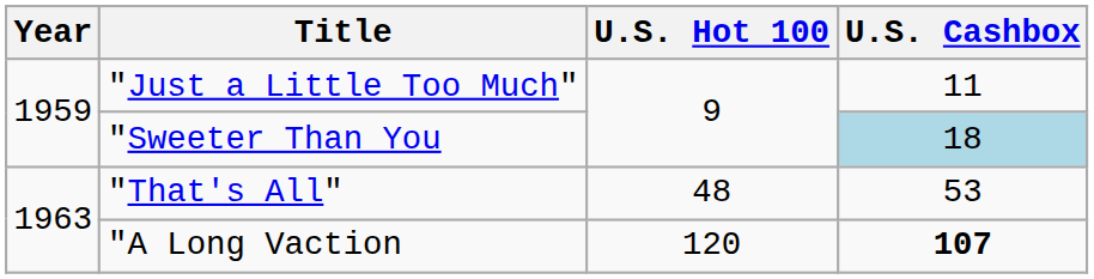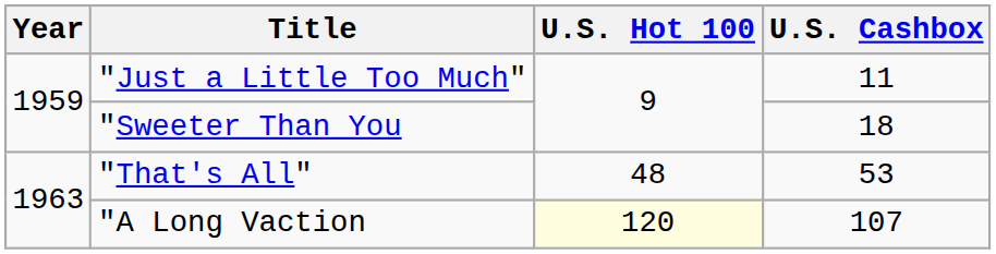 <table class="wikitable">
 <tr>
 <th>Year</th>
 <th>Title</th>
 <th>U.S. <a href='#'>Hot 100</a></th>
 <th>U.S. <a href='#'>Cashbox</a><em></em></th>
 </tr>
 <tr>
 <td rowspan="2">1959</td>
 <td>"<a href='#'>Just a Little Too Much</a>"</td>
 <td rowspan="2" align="center">9</td>
 <td align="center">11</td>
 </tr>
 <tr>
 <td>"<a href='#'>Sweeter Than You</a></td>
-<td align="center" style="background: lightblue;">18</td>
+<td align="center">18</td>
 </tr>
 <tr>
 <td rowspan="2">1963</td>
 <td>"<a href='#'>That's All</a>"</td>
 <td align="center">48</td>
 <td align="center">53</td>
 </tr>
 <tr>
 <td>"A Long Vaction</td>
-<td align="center">120</td>
-<td align="center"><strong>107</strong></td>
+<td align="center" style="background: lightyellow;">120</td>
+<td align="center">107</td>
 </tr>
 </table>
